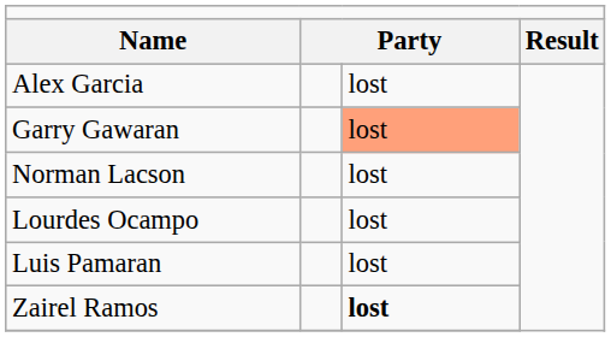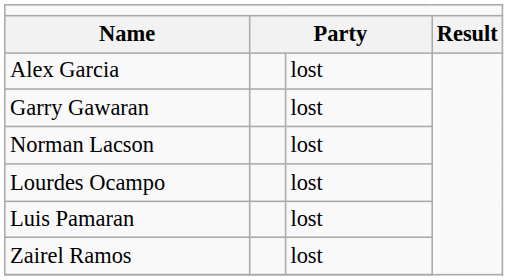 <table class=wikitable style="font-size:90%">
 <tr>
 <td colspan=4 bgcolor=></td>
 </tr>
 <tr>
 <th width=150px>Name</th>
 <th colspan=2 width=110px>Party</th>
 <th>Result</th>
 </tr>
 <tr>
 <td>Alex Garcia</td>
 <td></td>
 <td>lost</td>
 </tr>
 <tr>
 <td>Garry Gawaran</td>
 <td></td>
-<td style="background: lightsalmon;">lost</td>
+<td>lost</td>
 </tr>
 <tr>
 <td>Norman Lacson</td>
 <td></td>
 <td>lost</td>
 </tr>
 <tr>
 <td>Lourdes Ocampo</td>
 <td></td>
 <td>lost</td>
 </tr>
 <tr>
 <td>Luis Pamaran</td>
 <td></td>
 <td>lost</td>
 </tr>
 <tr>
 <td>Zairel Ramos</td>
 <td></td>
-<td><strong>lost</strong></td>
+<td>lost</td>
 </tr>
 <tr>
 </tr>
 </table>
